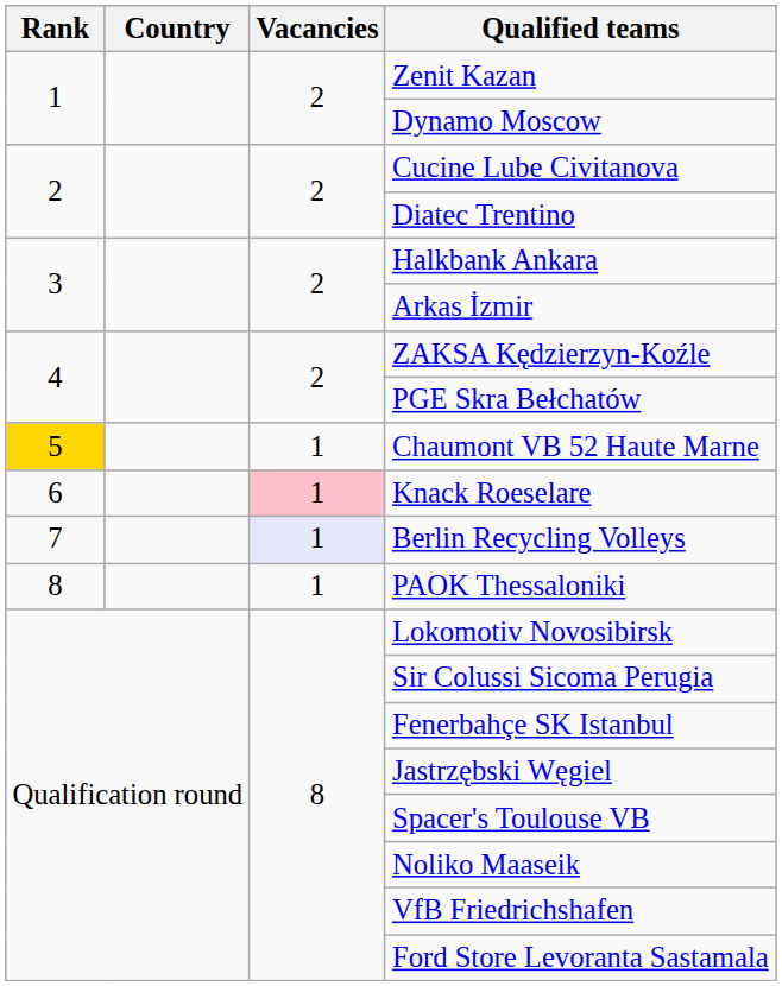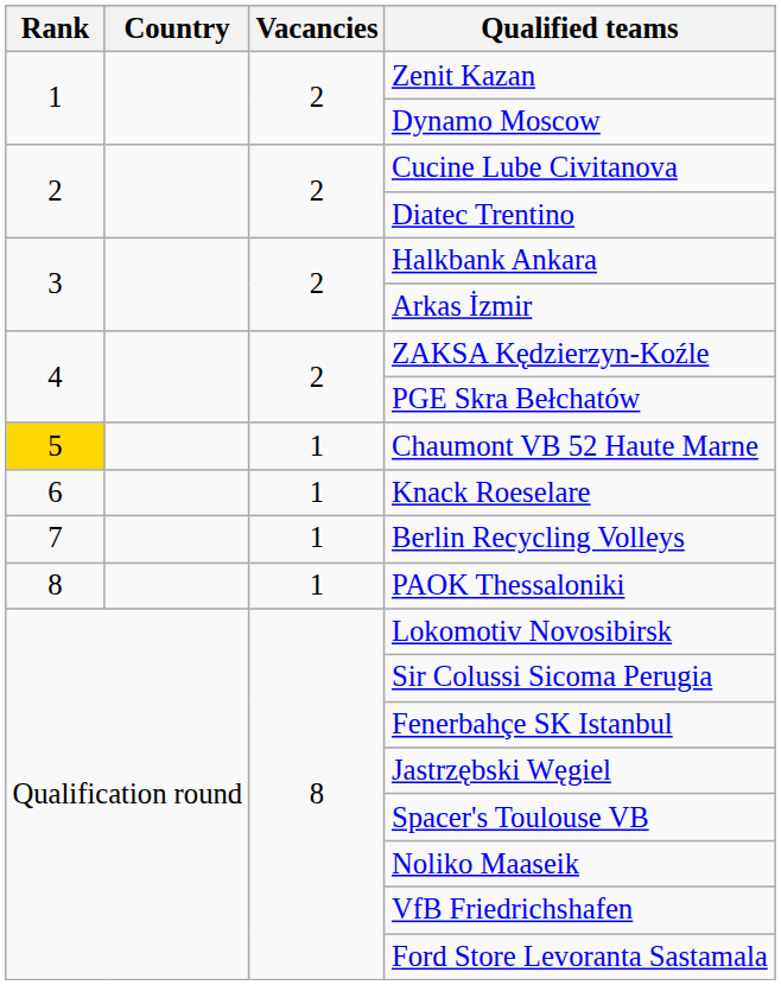 <table class="wikitable" style="text-align:left">
 <tr>
 <th>Rank</th>
 <th>Country</th>
 <th>Vacancies</th>
 <th>Qualified teams</th>
 </tr>
 <tr>
 <td align="center" rowspan="2">1</td>
 <td rowspan="2"></td>
 <td align="center" rowspan="2">2</td>
 <td><a href='#'>Zenit Kazan</a></td>
 </tr>
 <tr>
 <td><a href='#'>Dynamo Moscow</a></td>
 </tr>
 <tr>
 <td align="center" rowspan="2">2</td>
 <td rowspan="2"></td>
 <td align="center" rowspan="2">2</td>
 <td><a href='#'>Cucine Lube Civitanova</a></td>
 </tr>
 <tr>
 <td><a href='#'>Diatec Trentino</a></td>
 </tr>
 <tr>
 <td align="center" rowspan="2">3</td>
 <td rowspan="2"></td>
 <td align="center" rowspan="2">2</td>
 <td><a href='#'>Halkbank Ankara</a></td>
 </tr>
 <tr>
 <td><a href='#'>Arkas İzmir</a></td>
 </tr>
 <tr>
 <td align="center" rowspan="2">4</td>
 <td rowspan="2"></td>
 <td align="center" rowspan="2">2</td>
 <td><a href='#'>ZAKSA Kędzierzyn-Koźle</a></td>
 </tr>
 <tr>
 <td><a href='#'>PGE Skra Bełchatów</a></td>
 </tr>
 <tr>
 <td align="center" style="background: gold;">5</td>
 <td></td>
 <td align="center">1</td>
 <td><a href='#'>Chaumont VB 52 Haute Marne</a></td>
 </tr>
 <tr>
 <td align="center">6</td>
 <td></td>
-<td align="center" style="background: pink;">1</td>
+<td align="center">1</td>
 <td><a href='#'>Knack Roeselare</a></td>
 </tr>
 <tr>
 <td align="center">7</td>
 <td></td>
-<td align="center" style="background: lavender;">1</td>
+<td align="center">1</td>
 <td><a href='#'>Berlin Recycling Volleys</a></td>
 </tr>
 <tr>
 <td align="center">8</td>
 <td></td>
 <td align="center">1</td>
 <td><a href='#'>PAOK Thessaloniki</a></td>
 </tr>
 <tr>
 <td colspan="2" rowspan="8">Qualification round</td>
 <td align="center" rowspan="8">8</td>
 <td> <a href='#'>Lokomotiv Novosibirsk</a></td>
 </tr>
 <tr>
 <td> <a href='#'>Sir Colussi Sicoma Perugia</a></td>
 </tr>
 <tr>
 <td> <a href='#'>Fenerbahçe SK Istanbul</a></td>
 </tr>
 <tr>
 <td> <a href='#'>Jastrzębski Węgiel</a></td>
 </tr>
 <tr>
 <td> <a href='#'>Spacer's Toulouse VB</a></td>
 </tr>
 <tr>
 <td> <a href='#'>Noliko Maaseik</a></td>
 </tr>
 <tr>
 <td> <a href='#'>VfB Friedrichshafen</a></td>
 </tr>
 <tr>
 <td> <a href='#'>Ford Store Levoranta Sastamala</a></td>
 </tr>
 </table>
